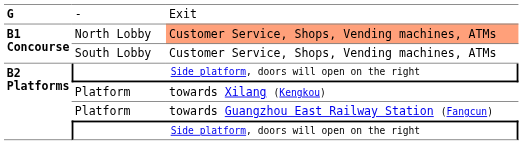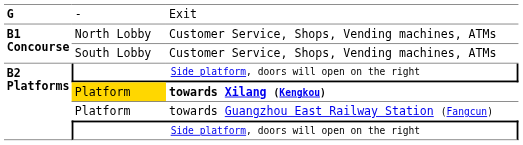 <table table border=0 cellspacing=0 cellpadding=3>
 <tr>
 <td style="border-top:solid 1px gray;" width=50 valign=top><strong>G</strong></td>
 <td style="border-top:solid 1px gray;" width=100 valign=top>-</td>
 <td style="border-top:solid 1px gray;" width=390 valign=top>Exit</td>
 </tr>
 <tr>
 <td style="border-bottom:solid 1px gray; border-top:solid 1px gray;" valign=top width=50 rowspan=2><strong>B1<br>Concourse</strong></td>
 <td style="border-bottom:solid 1px gray; border-top:solid 1px gray;" valign=top width=100>North Lobby</td>
-<td style="background: lightsalmon; border-bottom:solid 1px gray; border-top:solid 1px gray;" valign=top width=390>Customer Service, Shops, Vending machines, ATMs</td>
+<td style="border-bottom:solid 1px gray; border-top:solid 1px gray;" valign=top width=390>Customer Service, Shops, Vending machines, ATMs</td>
 </tr>
 <tr>
 <td style="border-bottom:solid 1px gray; border-bottom:solid 1px gray;" valign=top width=100>South Lobby</td>
 <td style="border-bottom:solid 1px gray; border-bottom:solid 1px gray;" valign=top width=390>Customer Service, Shops, Vending machines, ATMs</td>
 </tr>
 <tr>
 <td style="border-bottom:solid 1px gray;" rowspan=4 valign=top><strong>B2<br>Platforms</strong></td>
 <td style="border-right:solid 2px black;border-left:solid 2px black;border-bottom:solid 2px black;font-size:smaller;text-align:center;" colspan=2><a href='#'>Side platform</a>, doors will open on the right</td>
 </tr>
 <tr>
-<td style="border-bottom:solid 1px gray;" width=100>Platform </td>
-<td style="border-bottom:solid 1px gray;" width=285>  towards <a href='#'>Xilang</a> <small>(<a href='#'>Kengkou</a>)</small></td>
+<td style="background: gold; border-bottom:solid 1px gray;" width=100>Platform </td>
+<td style="border-bottom:solid 1px gray;" width=285><strong>  towards <a href='#'>Xilang</a> <small>(<a href='#'>Kengkou</a>)</small></strong></td>
 </tr>
 <tr>
 <td>Platform </td>
 <td><span></span>  towards <a href='#'>Guangzhou East Railway Station</a> <small>(<a href='#'>Fangcun</a>)</small> </td>
 </tr>
 <tr>
 <td style="border-top:solid 2px black;border-right:solid 2px black;border-left:solid 2px black;border-bottom:solid 1px gray;font-size:smaller;text-align:center;" colspan=2><a href='#'>Side platform</a>, doors will open on the right</td>
 </tr>
 </table>
